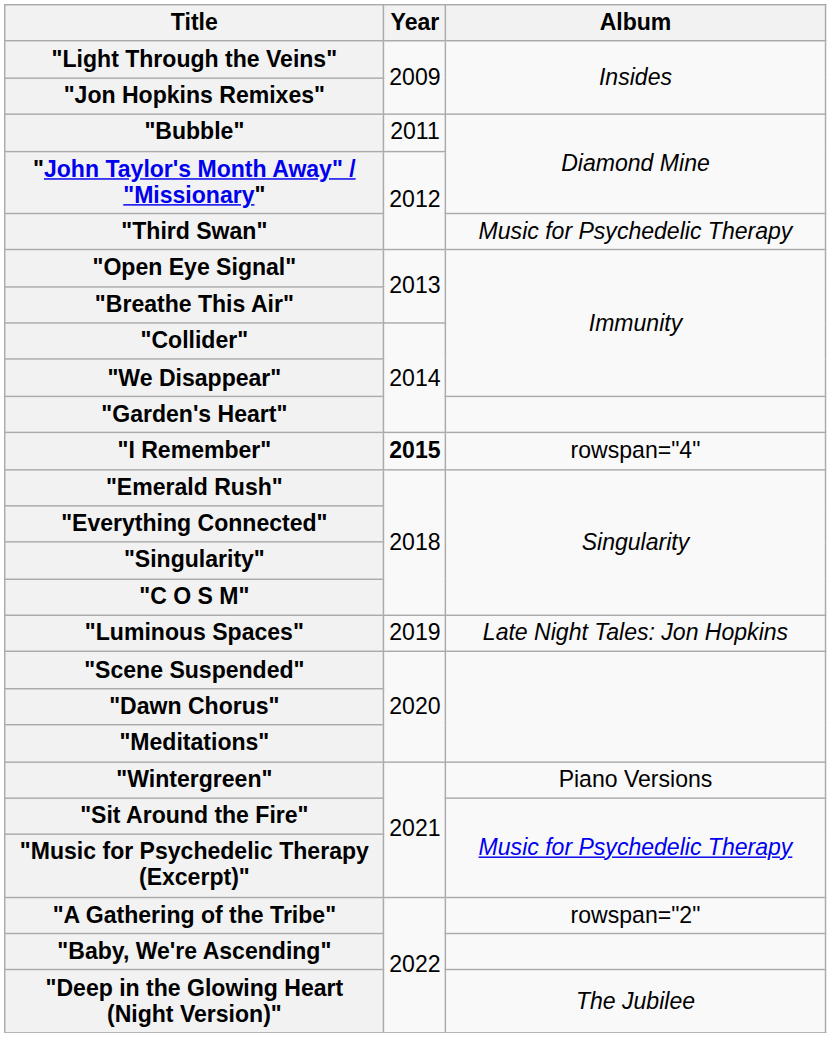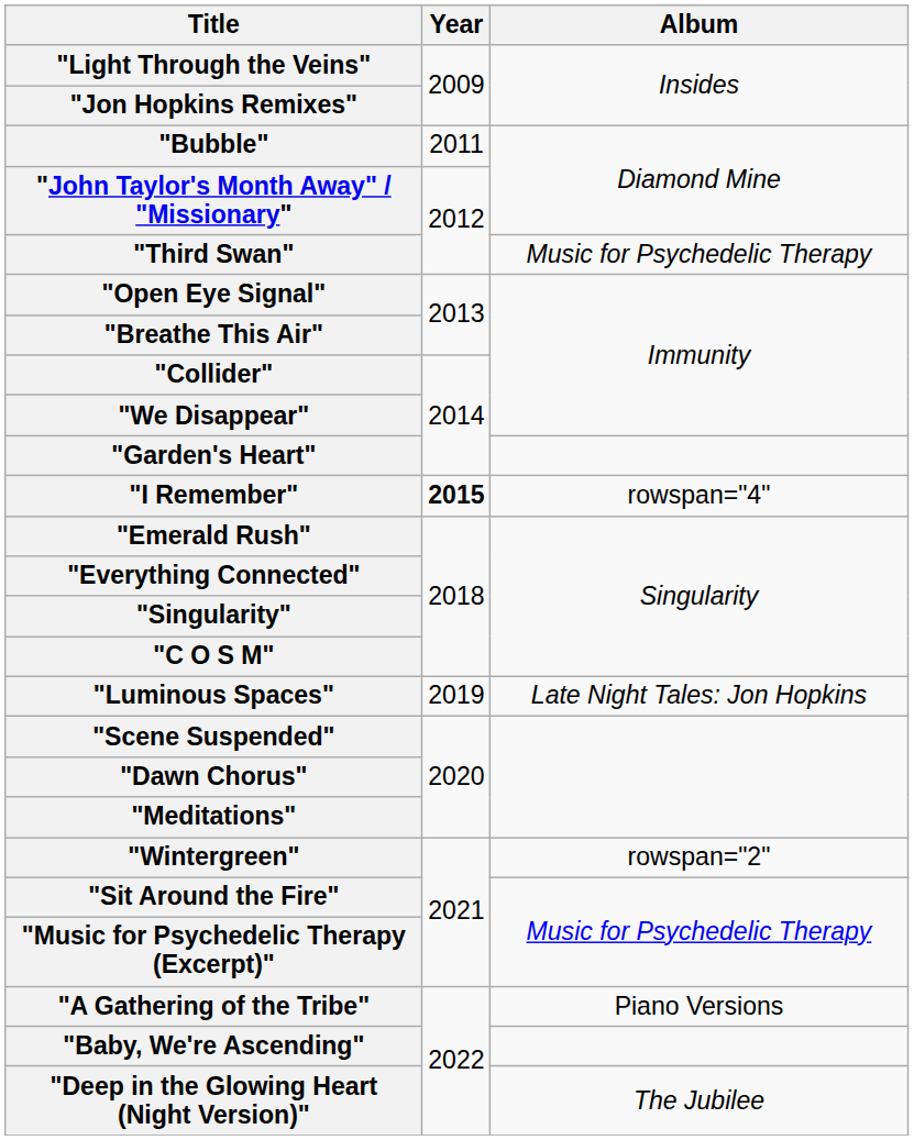 <table class="wikitable plainrowheaders" style="text-align:center;">
 <tr>
 <th rowspan="1" style="width:16em;">Title</th>
 <th rowspan="1">Year</th>
 <th rowspan="1" style="width:16em;">Album</th>
 </tr>
 <tr>
 <th scope="row">"Light Through the Veins"</th>
 <td rowspan="2">2009</td>
 <td rowspan="2"><em>Insides</em></td>
 </tr>
 <tr>
 <th scope="row">"Jon Hopkins Remixes"</th>
 </tr>
 <tr>
 <th scope="row">"Bubble"<br></th>
 <td>2011</td>
 <td rowspan="2"><em>Diamond Mine</em></td>
 </tr>
 <tr>
 <th scope="row">"<a href='#'>John Taylor's Month Away" / "Missionary</a>"<br></th>
 <td rowspan="2">2012</td>
 </tr>
 <tr>
 <th scope="row">"Third Swan"<br></th>
 <td><em>Music for Psychedelic Therapy</em></td>
 </tr>
 <tr>
 <th scope="row">"Open Eye Signal"</th>
 <td rowspan="2">2013</td>
 <td rowspan="4"><em>Immunity</em></td>
 </tr>
 <tr>
 <th scope="row">"Breathe This Air"<br></th>
 </tr>
 <tr>
 <th scope="row">"Collider"</th>
 <td rowspan="3">2014</td>
 </tr>
 <tr>
 <th scope="row">"We Disappear"<br></th>
 </tr>
 <tr>
 <th scope="row">"Garden's Heart"<br></th>
 <td></td>
 </tr>
 <tr>
 <th scope="row">"I Remember"</th>
 <td rowspan="1"><strong>2015</strong></td>
 <td>rowspan="4" </td>
 </tr>
 <tr>
 <th scope="row">"Emerald Rush"</th>
 <td rowspan="4">2018</td>
 <td rowspan="4"><em>Singularity</em></td>
 </tr>
 <tr>
 <th scope="row">"Everything Connected"</th>
 </tr>
 <tr>
 <th scope="row">"Singularity"</th>
 </tr>
 <tr>
 <th scope="row">"C O S M"</th>
 </tr>
 <tr>
 <th scope="row">"Luminous Spaces" <br></th>
 <td>2019</td>
 <td rowspan="1"><em>Late Night Tales: Jon Hopkins</em></td>
 </tr>
 <tr>
 <th scope="row">"Scene Suspended"</th>
 <td rowspan="3">2020</td>
 </tr>
 <tr>
 <th scope="row">"Dawn Chorus"</th>
 </tr>
 <tr>
 <th scope="row">"Meditations"</th>
 </tr>
 <tr>
 <th scope="row">"Wintergreen"</th>
 <td rowspan="3">2021</td>
-<td>Piano Versions</td>
+<td>rowspan="2" </td>
 </tr>
 <tr>
 <th scope="row">"Sit Around the Fire"<br></th>
 <td rowspan="2"><em><a href='#'>Music for Psychedelic Therapy</a></em></td>
 </tr>
 <tr>
 <th scope="row">"Music for Psychedelic Therapy (Excerpt)"</th>
 </tr>
 <tr>
 <th scope="row">"A Gathering of the Tribe"</th>
 <td rowspan="3">2022</td>
-<td>rowspan="2" </td>
+<td>Piano Versions</td>
 </tr>
 <tr>
 <th scope="row">"Baby, We're Ascending"<br></th>
 </tr>
 <tr>
 <th scope="row">"Deep in the Glowing Heart (Night Version)"<br></th>
 <td rowspan="1"><em>The Jubilee</em></td>
 </tr>
 </table>
